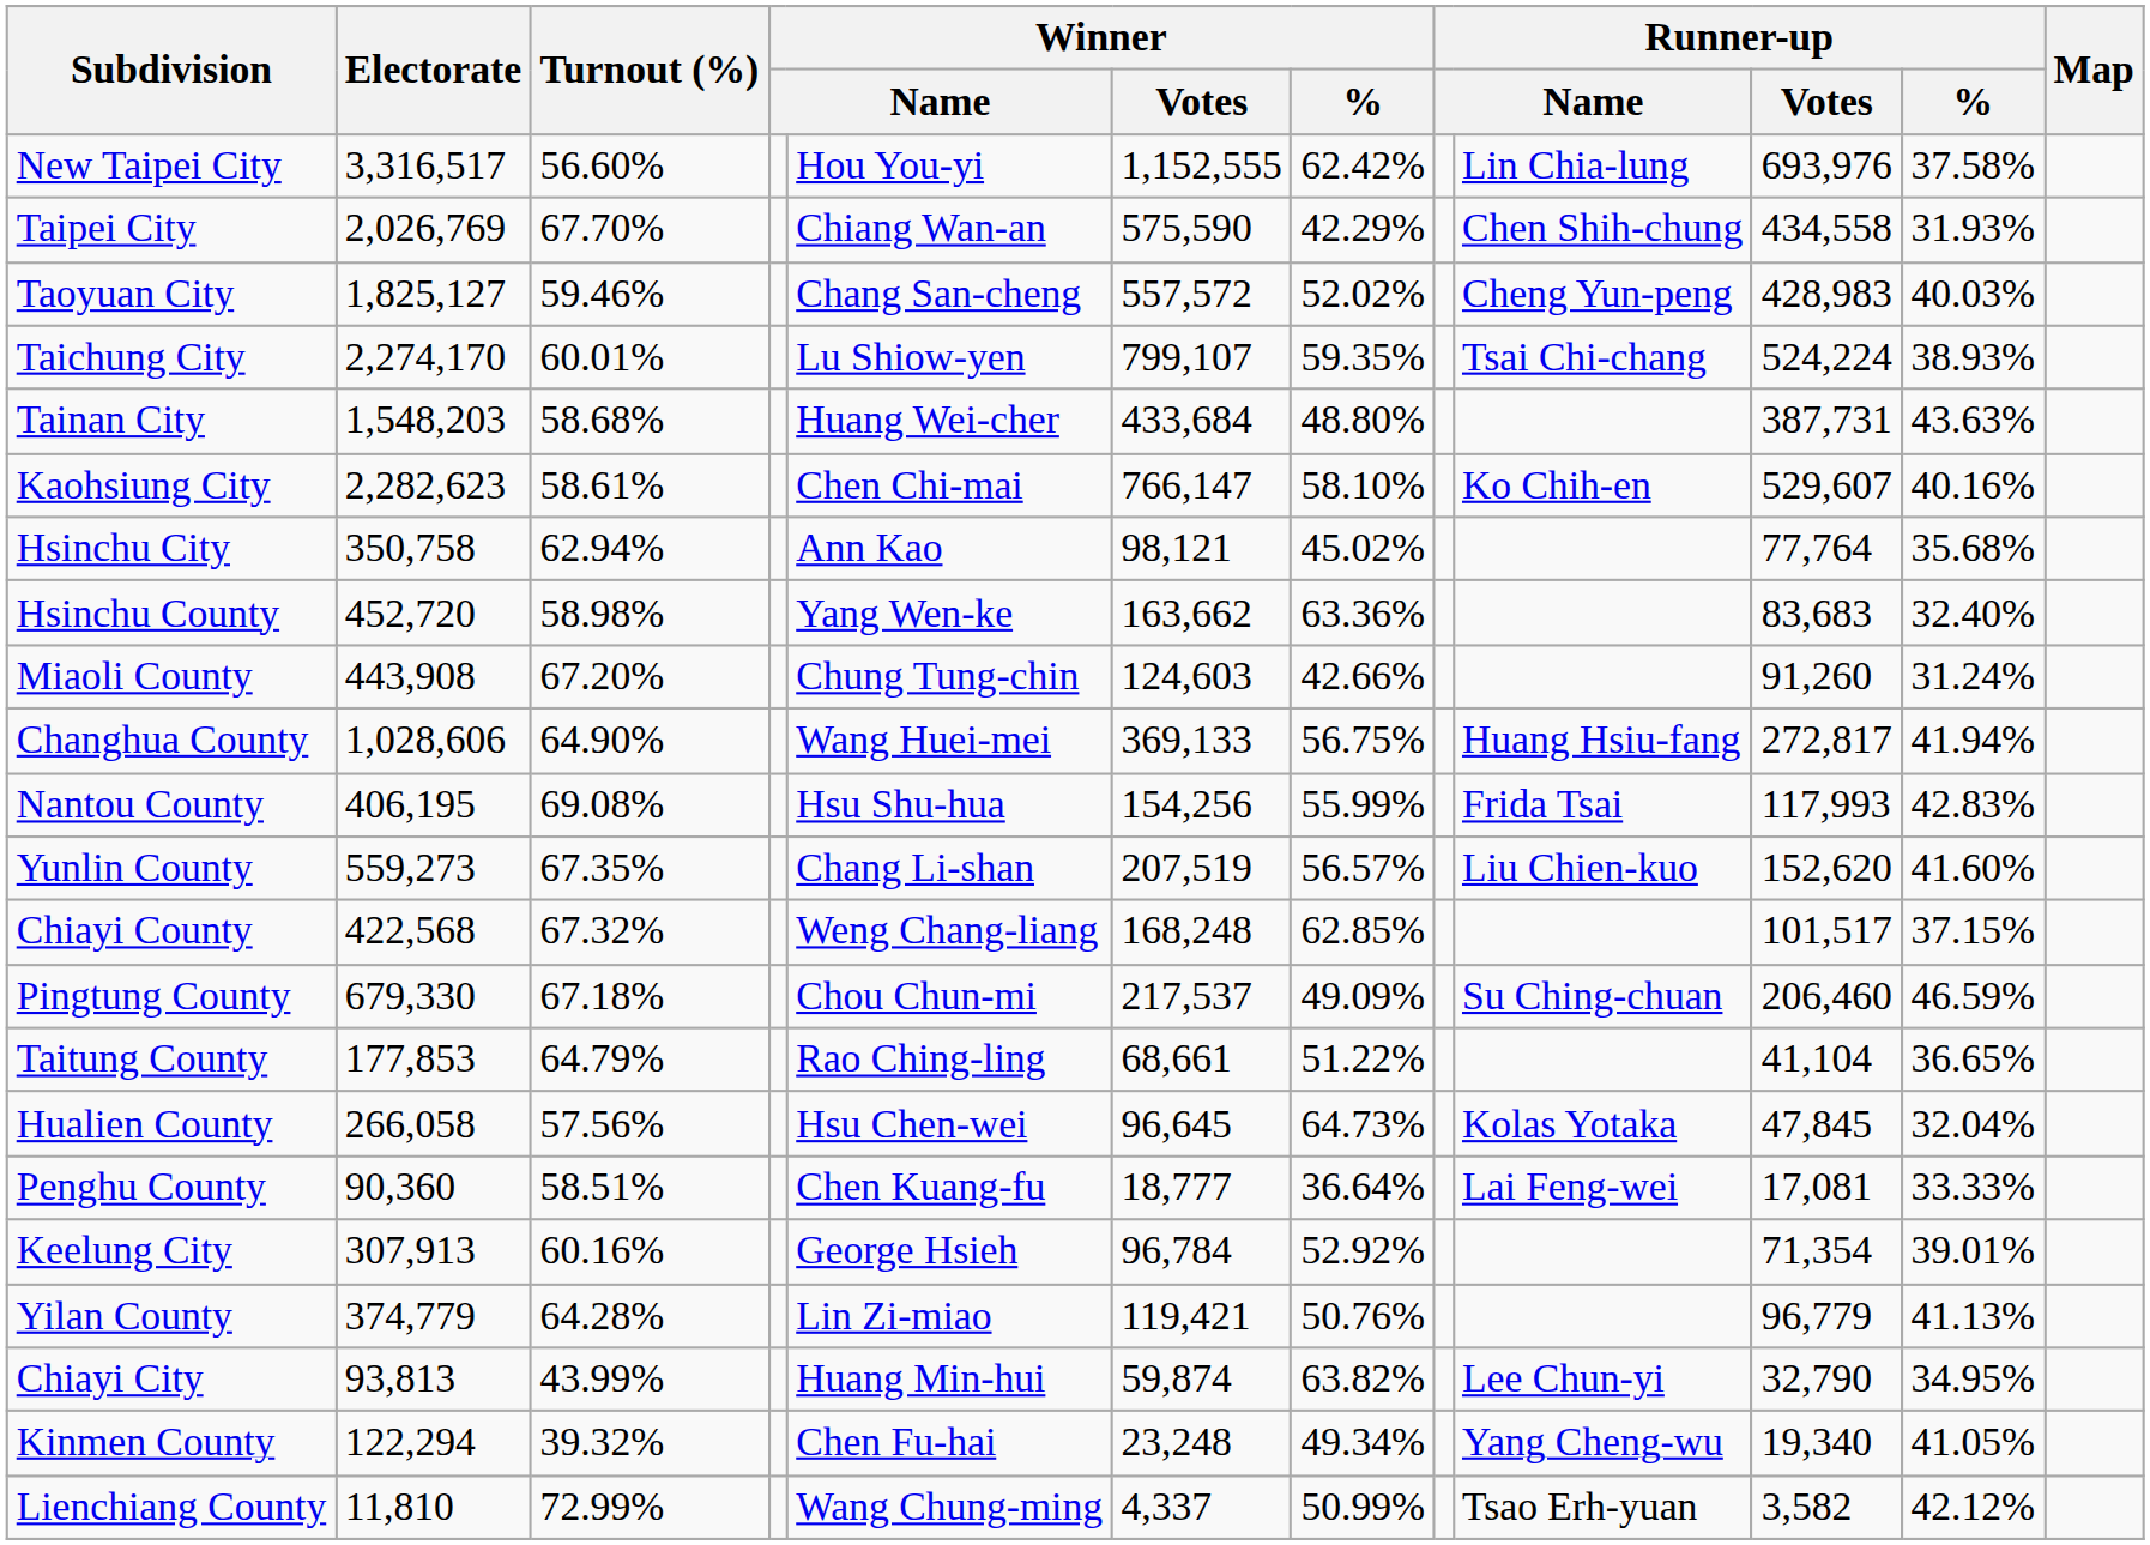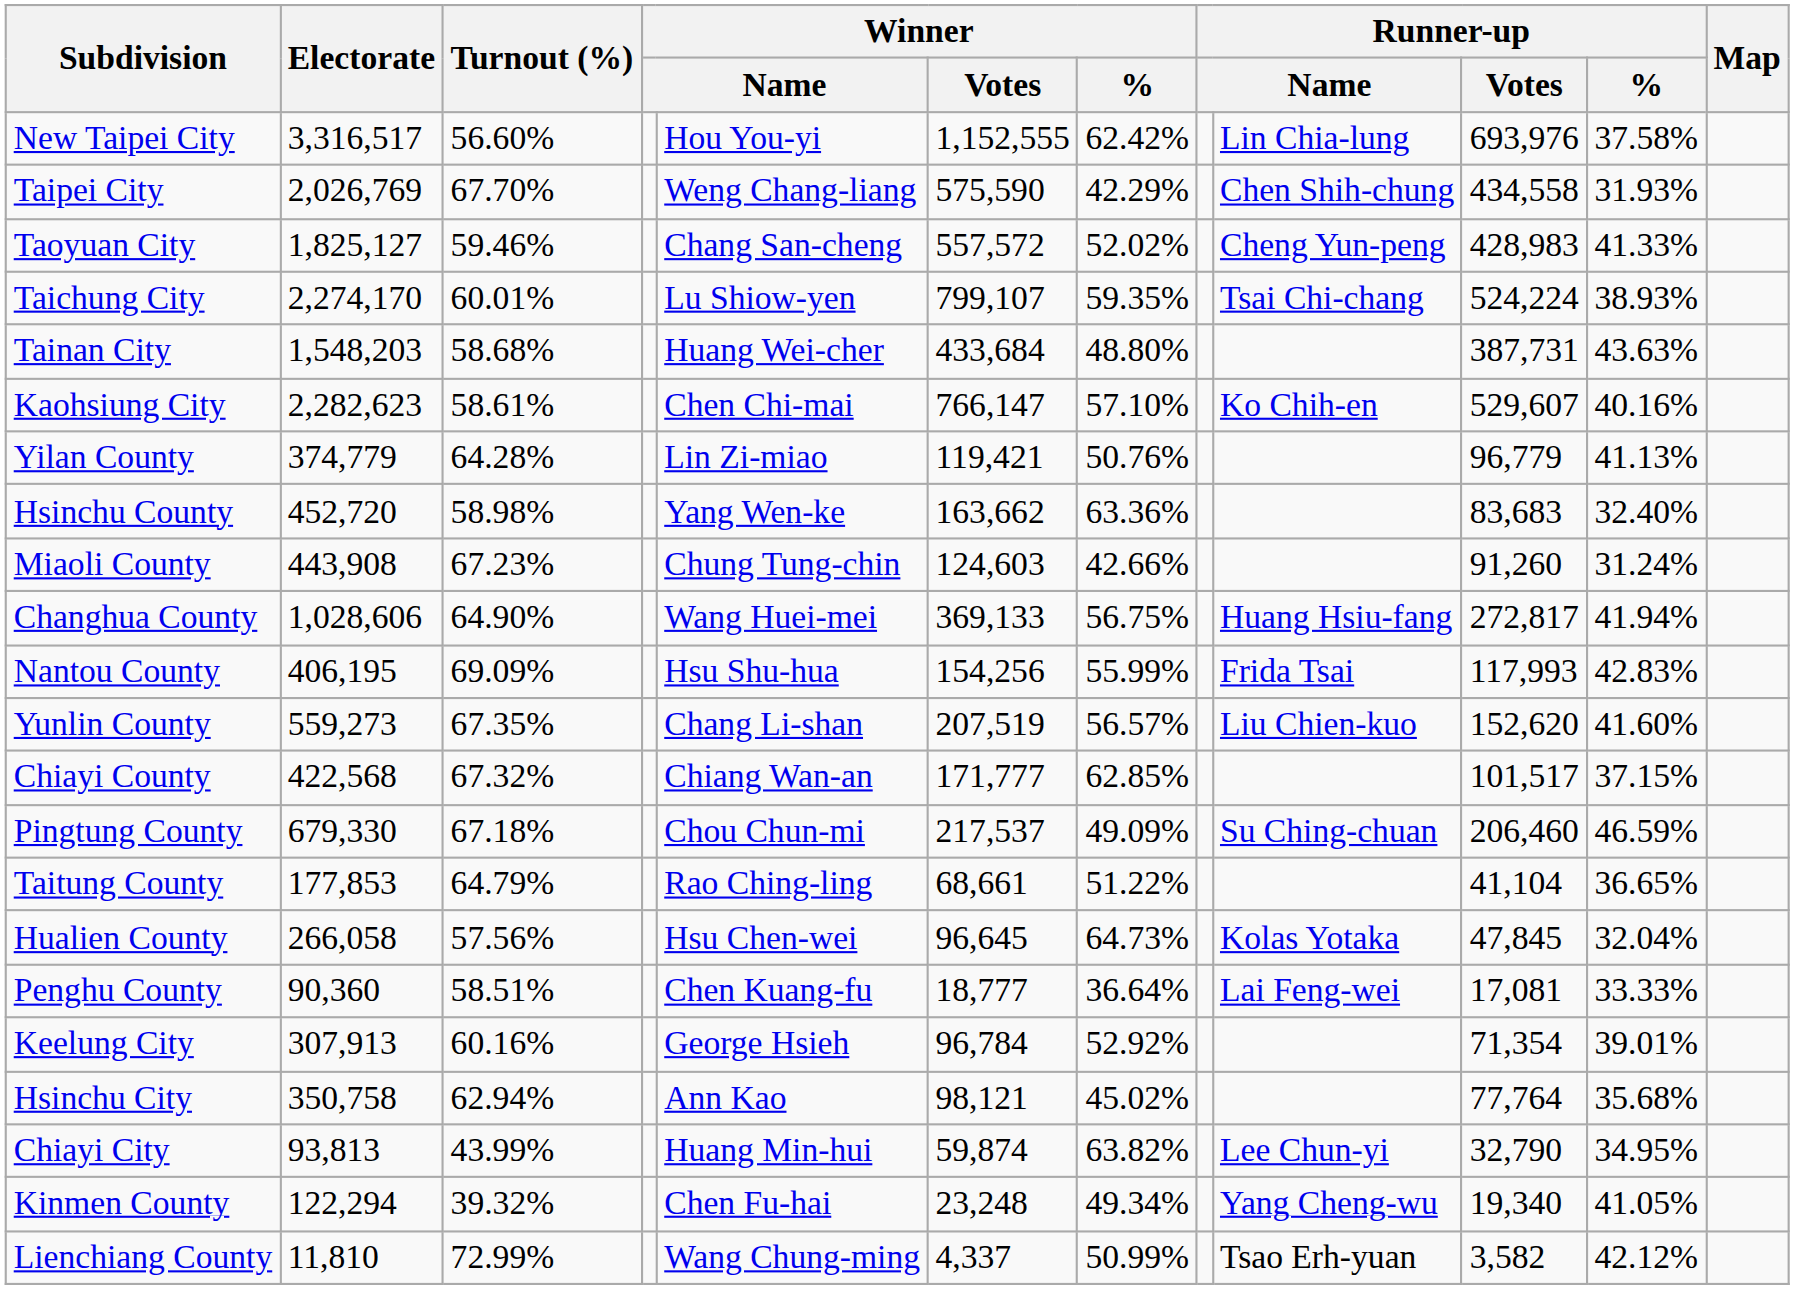 <table class="wikitable sortable" style="margin-left: auto; margin-right: auto; border: none;">
 <tr>
 <th rowspan="2">Subdivision</th>
 <th rowspan="2">Electorate</th>
 <th rowspan="2">Turnout (%)</th>
 <th colspan="4">Winner</th>
 <th colspan="4">Runner-up</th>
 <th rowspan="2">Map</th>
 </tr>
 <tr>
 <th colspan="2">Name</th>
 <th>Votes</th>
 <th>%</th>
 <th colspan="2">Name</th>
 <th>Votes</th>
 <th>%</th>
 </tr>
 <tr>
 <td><a href='#'>New Taipei City</a></td>
 <td>3,316,517</td>
 <td>56.60%</td>
 <td style="background-color:"></td>
 <td><a href='#'>Hou You-yi</a></td>
 <td>1,152,555</td>
 <td>62.42%</td>
 <td style="background-color:"></td>
 <td><a href='#'>Lin Chia-lung</a></td>
 <td>693,976</td>
 <td>37.58%</td>
 <td></td>
 </tr>
 <tr>
 <td><a href='#'>Taipei City</a></td>
 <td>2,026,769</td>
 <td>67.70%</td>
 <td style="background-color:"></td>
-<td><a href='#'>Chiang Wan-an</a></td>
+<td><a href='#'>Weng Chang-liang</a></td>
 <td>575,590</td>
 <td>42.29%</td>
 <td style="background-color:"></td>
 <td><a href='#'>Chen Shih-chung</a></td>
 <td>434,558</td>
 <td>31.93%</td>
 <td></td>
 </tr>
 <tr>
 <td><a href='#'>Taoyuan City</a></td>
 <td>1,825,127</td>
 <td>59.46%</td>
 <td style="background-color:"></td>
 <td><a href='#'>Chang San-cheng</a></td>
 <td>557,572</td>
 <td>52.02%</td>
 <td style="background-color:"></td>
 <td><a href='#'>Cheng Yun-peng</a></td>
 <td>428,983</td>
-<td>40.03%</td>
+<td>41.33%</td>
 <td></td>
 </tr>
 <tr>
 <td><a href='#'>Taichung City</a></td>
 <td>2,274,170</td>
 <td>60.01%</td>
 <td style="background-color:"></td>
 <td><a href='#'>Lu Shiow-yen</a></td>
 <td>799,107</td>
 <td>59.35%</td>
 <td style="background-color:"></td>
 <td><a href='#'>Tsai Chi-chang</a></td>
 <td>524,224</td>
 <td>38.93%</td>
 <td></td>
 </tr>
 <tr>
 <td><a href='#'>Tainan City</a></td>
 <td>1,548,203</td>
 <td>58.68%</td>
 <td style="background-color:"></td>
 <td><a href='#'>Huang Wei-cher</a></td>
 <td>433,684</td>
 <td>48.80%</td>
 <td style="background-color:"></td>
 <td></td>
 <td>387,731</td>
 <td>43.63%</td>
 <td></td>
 </tr>
 <tr>
 <td><a href='#'>Kaohsiung City</a></td>
 <td>2,282,623</td>
 <td>58.61%</td>
 <td style="background-color:"></td>
 <td><a href='#'>Chen Chi-mai</a></td>
 <td>766,147</td>
-<td>58.10%</td>
+<td>57.10%</td>
 <td style="background-color:"></td>
 <td><a href='#'>Ko Chih-en</a></td>
 <td>529,607</td>
 <td>40.16%</td>
 <td></td>
 </tr>
 <tr>
-<td><a href='#'>Hsinchu City</a></td>
-<td>350,758</td>
-<td>62.94%</td>
+<td><a href='#'>Yilan County</a></td>
+<td>374,779</td>
+<td>64.28%</td>
 <td style="background-color:"></td>
-<td><a href='#'>Ann Kao</a></td>
-<td>98,121</td>
-<td>45.02%</td>
+<td><a href='#'>Lin Zi-miao</a></td>
+<td>119,421</td>
+<td>50.76%</td>
 <td style="background-color:"></td>
 <td></td>
-<td>77,764</td>
-<td>35.68%</td>
+<td>96,779</td>
+<td>41.13%</td>
 <td></td>
 </tr>
 <tr>
 <td><a href='#'>Hsinchu County</a></td>
 <td>452,720</td>
 <td>58.98%</td>
 <td style="background-color:"></td>
 <td><a href='#'>Yang Wen-ke</a></td>
 <td>163,662</td>
 <td>63.36%</td>
 <td style="background-color:"></td>
 <td></td>
 <td>83,683</td>
 <td>32.40%</td>
 <td></td>
 </tr>
 <tr>
 <td><a href='#'>Miaoli County</a></td>
 <td>443,908</td>
-<td>67.20%</td>
+<td>67.23%</td>
 <td style="background-color:"></td>
 <td><a href='#'>Chung Tung-chin</a></td>
 <td>124,603</td>
 <td>42.66%</td>
 <td style="background-color:"></td>
 <td></td>
 <td>91,260</td>
 <td>31.24%</td>
 <td></td>
 </tr>
 <tr>
 <td><a href='#'>Changhua County</a></td>
 <td>1,028,606</td>
 <td>64.90%</td>
 <td style="background-color:"></td>
 <td><a href='#'>Wang Huei-mei</a></td>
 <td>369,133</td>
 <td>56.75%</td>
 <td style="background-color:"></td>
 <td><a href='#'>Huang Hsiu-fang</a></td>
 <td>272,817</td>
 <td>41.94%</td>
 <td></td>
 </tr>
 <tr>
 <td><a href='#'>Nantou County</a></td>
 <td>406,195</td>
-<td>69.08%</td>
+<td>69.09%</td>
 <td style="background-color:"></td>
 <td><a href='#'>Hsu Shu-hua</a></td>
 <td>154,256</td>
 <td>55.99%</td>
 <td style="background-color:"></td>
 <td><a href='#'>Frida Tsai</a></td>
 <td>117,993</td>
 <td>42.83%</td>
 <td></td>
 </tr>
 <tr>
 <td><a href='#'>Yunlin County</a></td>
 <td>559,273</td>
 <td>67.35%</td>
 <td style="background-color:"></td>
 <td><a href='#'>Chang Li-shan</a></td>
 <td>207,519</td>
 <td>56.57%</td>
 <td style="background-color:"></td>
 <td><a href='#'>Liu Chien-kuo</a></td>
 <td>152,620</td>
 <td>41.60%</td>
 <td></td>
 </tr>
 <tr>
 <td><a href='#'>Chiayi County</a></td>
 <td>422,568</td>
 <td>67.32%</td>
 <td style="background-color:"></td>
-<td><a href='#'>Weng Chang-liang</a></td>
-<td>168,248</td>
+<td><a href='#'>Chiang Wan-an</a></td>
+<td>171,777</td>
 <td>62.85%</td>
 <td style="background-color:"></td>
 <td></td>
 <td>101,517</td>
 <td>37.15%</td>
 <td></td>
 </tr>
 <tr>
 <td><a href='#'>Pingtung County</a></td>
 <td>679,330</td>
 <td>67.18%</td>
 <td style="background-color:"></td>
 <td><a href='#'>Chou Chun-mi</a></td>
 <td>217,537</td>
 <td>49.09%</td>
 <td style="background-color:"></td>
 <td><a href='#'>Su Ching-chuan</a></td>
 <td>206,460</td>
 <td>46.59%</td>
 <td></td>
 </tr>
 <tr>
 <td><a href='#'>Taitung County</a></td>
 <td>177,853</td>
 <td>64.79%</td>
 <td style="background-color:"></td>
 <td><a href='#'>Rao Ching-ling</a></td>
 <td>68,661</td>
 <td>51.22%</td>
 <td style="background-color:"></td>
 <td></td>
 <td>41,104</td>
 <td>36.65%</td>
 <td></td>
 </tr>
 <tr>
 <td><a href='#'>Hualien County</a></td>
 <td>266,058</td>
 <td>57.56%</td>
 <td style="background-color:"></td>
 <td><a href='#'>Hsu Chen-wei</a></td>
 <td>96,645</td>
 <td>64.73%</td>
 <td style="background-color:"></td>
 <td><a href='#'>Kolas Yotaka</a></td>
 <td>47,845</td>
 <td>32.04%</td>
 <td></td>
 </tr>
 <tr>
 <td><a href='#'>Penghu County</a></td>
 <td>90,360</td>
 <td>58.51%</td>
 <td style="background-color:"></td>
 <td><a href='#'>Chen Kuang-fu</a></td>
 <td>18,777</td>
 <td>36.64%</td>
 <td style="background-color:"></td>
 <td><a href='#'>Lai Feng-wei</a></td>
 <td>17,081</td>
 <td>33.33%</td>
 <td></td>
 </tr>
 <tr>
 <td><a href='#'>Keelung City</a></td>
 <td>307,913</td>
 <td>60.16%</td>
 <td style="background-color:"></td>
 <td><a href='#'>George Hsieh</a></td>
 <td>96,784</td>
 <td>52.92%</td>
 <td style="background-color:"></td>
 <td></td>
 <td>71,354</td>
 <td>39.01%</td>
 <td></td>
 </tr>
 <tr>
-<td><a href='#'>Yilan County</a></td>
-<td>374,779</td>
-<td>64.28%</td>
+<td><a href='#'>Hsinchu City</a></td>
+<td>350,758</td>
+<td>62.94%</td>
 <td style="background-color:"></td>
-<td><a href='#'>Lin Zi-miao</a></td>
-<td>119,421</td>
-<td>50.76%</td>
+<td><a href='#'>Ann Kao</a></td>
+<td>98,121</td>
+<td>45.02%</td>
 <td style="background-color:"></td>
 <td></td>
-<td>96,779</td>
-<td>41.13%</td>
+<td>77,764</td>
+<td>35.68%</td>
 <td></td>
 </tr>
 <tr>
 <td><a href='#'>Chiayi City</a></td>
 <td>93,813</td>
 <td>43.99%</td>
 <td style="background-color:"></td>
 <td><a href='#'>Huang Min-hui</a></td>
 <td>59,874</td>
 <td>63.82%</td>
 <td style="background-color:"></td>
 <td><a href='#'>Lee Chun-yi</a></td>
 <td>32,790</td>
 <td>34.95%</td>
 <td></td>
 </tr>
 <tr>
 <td><a href='#'>Kinmen County</a></td>
 <td>122,294</td>
 <td>39.32%</td>
 <td style="background-color:"></td>
 <td><a href='#'>Chen Fu-hai</a></td>
 <td>23,248</td>
 <td>49.34%</td>
 <td style="background-color:"></td>
 <td><a href='#'>Yang Cheng-wu</a></td>
 <td>19,340</td>
 <td>41.05%</td>
 <td></td>
 </tr>
 <tr>
 <td><a href='#'>Lienchiang County</a></td>
 <td>11,810</td>
 <td>72.99%</td>
 <td style="background-color:"></td>
 <td><a href='#'>Wang Chung-ming</a></td>
 <td>4,337</td>
 <td>50.99%</td>
 <td style="background-color:"></td>
 <td>Tsao Erh-yuan</td>
 <td>3,582</td>
 <td>42.12%</td>
 <td></td>
 </tr>
 </table>
